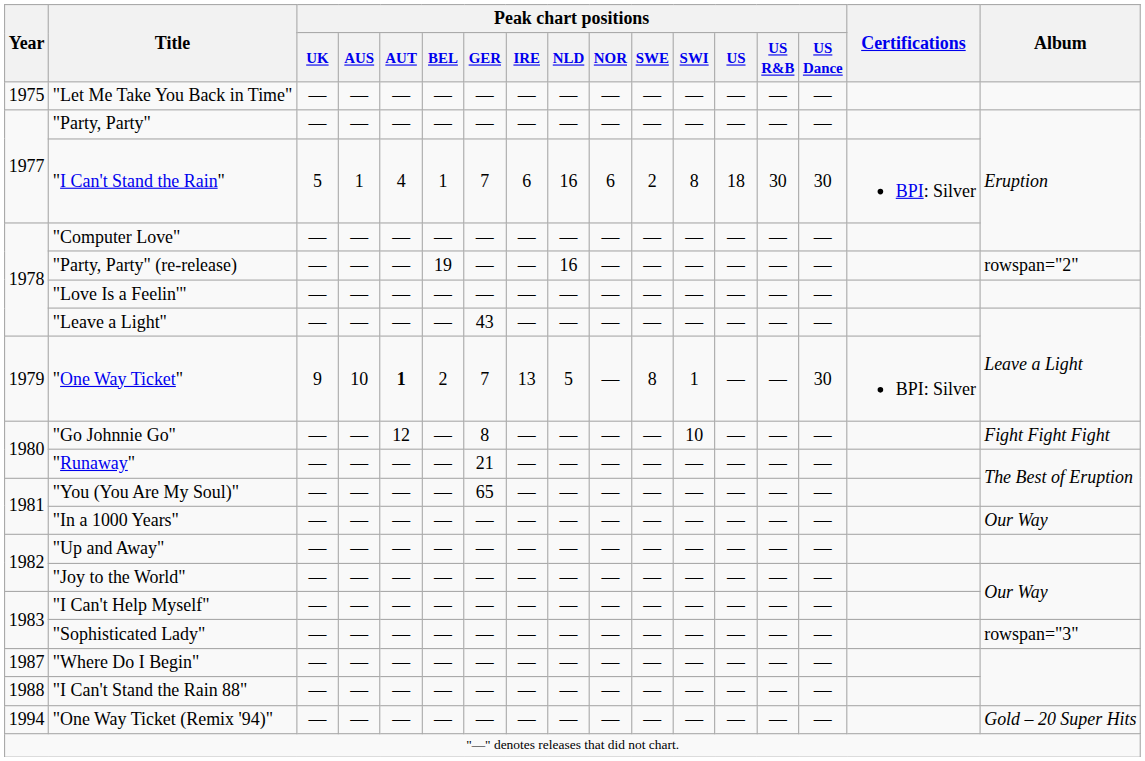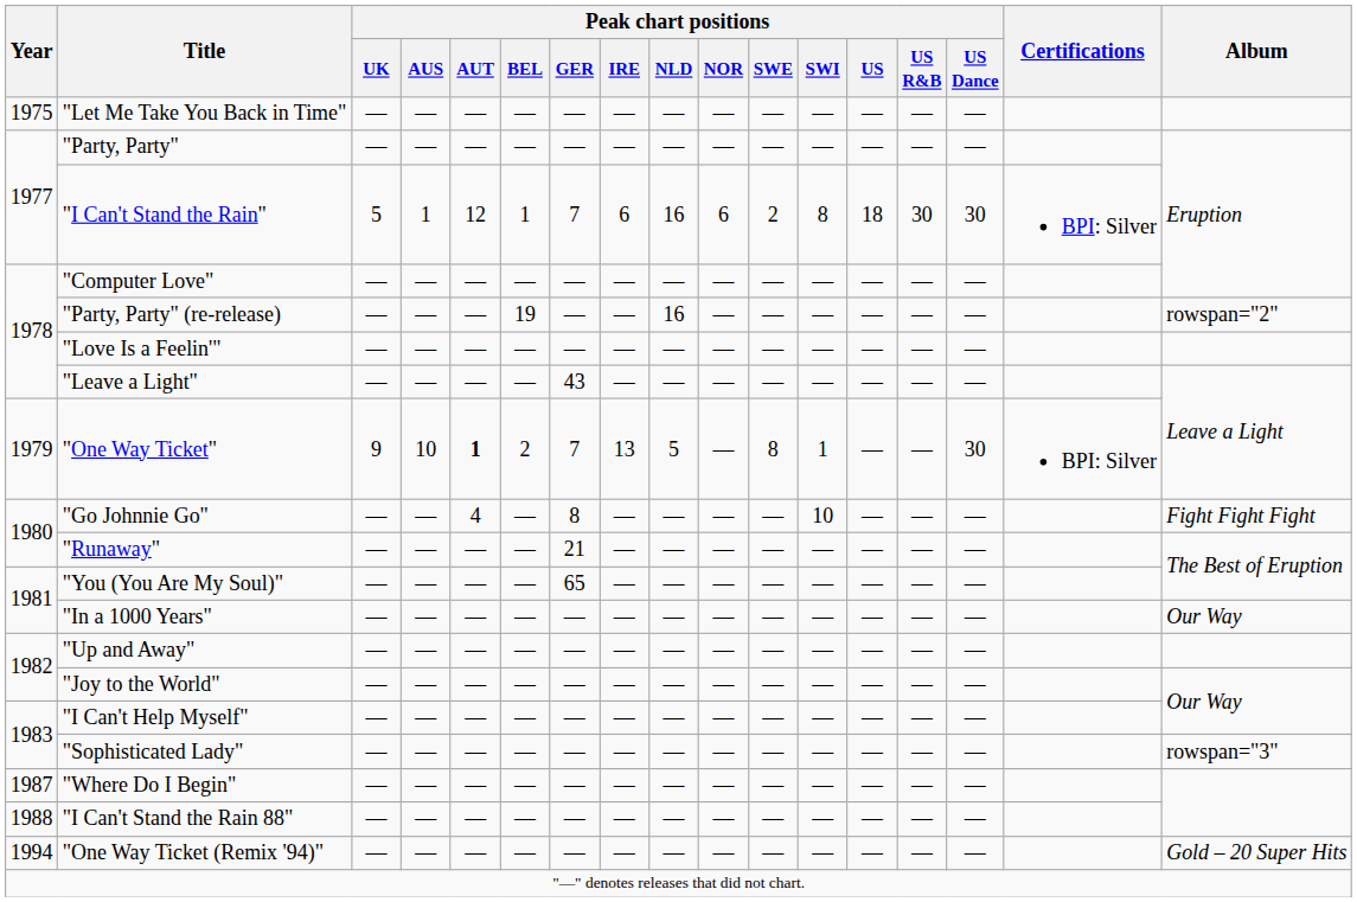 <table class="wikitable">
 <tr>
 <th rowspan="2">Year</th>
 <th rowspan="2">Title</th>
 <th colspan="13">Peak chart positions</th>
 <th rowspan="2"><a href='#'>Certifications</a></th>
 <th rowspan="2">Album</th>
 </tr>
 <tr>
 <th width="30"><small><a href='#'>UK</a></small><br></th>
 <th width="30"><small><a href='#'>AUS</a></small><br></th>
 <th width="30"><small><a href='#'>AUT</a></small><br></th>
 <th width="30"><small><a href='#'>BEL</a></small><br></th>
 <th width="30"><small><a href='#'>GER</a></small><br></th>
 <th width="30"><small><a href='#'>IRE</a></small><br></th>
 <th width="30"><small><a href='#'>NLD</a></small><br></th>
 <th width="30"><small><a href='#'>NOR</a></small><br></th>
 <th width="30"><small><a href='#'>SWE</a></small><br></th>
 <th width="30"><small><a href='#'>SWI</a></small><br></th>
 <th width="30"><small><a href='#'>US</a></small><br></th>
 <th width="30"><small><a href='#'>US R&B</a></small><br></th>
 <th width="30"><small><a href='#'>US Dance</a></small><br></th>
 </tr>
 <tr>
 <td>1975</td>
 <td>"Let Me Take You Back in Time"</td>
 <td style="text-align:center">—</td>
 <td style="text-align:center">—</td>
 <td style="text-align:center">—</td>
 <td style="text-align:center">—</td>
 <td style="text-align:center">—</td>
 <td style="text-align:center">—</td>
 <td style="text-align:center">—</td>
 <td style="text-align:center">—</td>
 <td style="text-align:center">—</td>
 <td style="text-align:center">—</td>
 <td style="text-align:center">—</td>
 <td style="text-align:center">—</td>
 <td style="text-align:center">—</td>
 <td></td>
 <td></td>
 </tr>
 <tr>
 <td rowspan="2">1977</td>
 <td>"Party, Party"</td>
 <td style="text-align:center">—</td>
 <td style="text-align:center">—</td>
 <td style="text-align:center">—</td>
 <td style="text-align:center">—</td>
 <td style="text-align:center">—</td>
 <td style="text-align:center">—</td>
 <td style="text-align:center">—</td>
 <td style="text-align:center">—</td>
 <td style="text-align:center">—</td>
 <td style="text-align:center">—</td>
 <td style="text-align:center">—</td>
 <td style="text-align:center">—</td>
 <td style="text-align:center">—</td>
 <td></td>
 <td rowspan="3"><em>Eruption</em></td>
 </tr>
 <tr>
 <td>"<a href='#'>I Can't Stand the Rain</a>"</td>
 <td style="text-align:center">5</td>
 <td style="text-align:center">1</td>
-<td style="text-align:center">4</td>
+<td style="text-align:center">12</td>
 <td style="text-align:center">1</td>
 <td style="text-align:center">7</td>
 <td style="text-align:center">6</td>
 <td style="text-align:center">16</td>
 <td style="text-align:center">6</td>
 <td style="text-align:center">2</td>
 <td style="text-align:center">8</td>
 <td style="text-align:center">18</td>
 <td style="text-align:center">30</td>
 <td style="text-align:center">30</td>
 <td><br><ul><li><a href='#'>BPI</a>: Silver</li></ul></td>
 </tr>
 <tr>
 <td rowspan="4">1978</td>
 <td>"Computer Love"</td>
 <td style="text-align:center">—</td>
 <td style="text-align:center">—</td>
 <td style="text-align:center">—</td>
 <td style="text-align:center">—</td>
 <td style="text-align:center">—</td>
 <td style="text-align:center">—</td>
 <td style="text-align:center">—</td>
 <td style="text-align:center">—</td>
 <td style="text-align:center">—</td>
 <td style="text-align:center">—</td>
 <td style="text-align:center">—</td>
 <td style="text-align:center">—</td>
 <td style="text-align:center">—</td>
 <td></td>
 </tr>
 <tr>
 <td>"Party, Party" (re-release)</td>
 <td style="text-align:center">—</td>
 <td style="text-align:center">—</td>
 <td style="text-align:center">—</td>
 <td style="text-align:center">19</td>
 <td style="text-align:center">—</td>
 <td style="text-align:center">—</td>
 <td style="text-align:center">16</td>
 <td style="text-align:center">—</td>
 <td style="text-align:center">—</td>
 <td style="text-align:center">—</td>
 <td style="text-align:center">—</td>
 <td style="text-align:center">—</td>
 <td style="text-align:center">—</td>
 <td></td>
 <td>rowspan="2" </td>
 </tr>
 <tr>
 <td>"Love Is a Feelin'"</td>
 <td style="text-align:center">—</td>
 <td style="text-align:center">—</td>
 <td style="text-align:center">—</td>
 <td style="text-align:center">—</td>
 <td style="text-align:center">—</td>
 <td style="text-align:center">—</td>
 <td style="text-align:center">—</td>
 <td style="text-align:center">—</td>
 <td style="text-align:center">—</td>
 <td style="text-align:center">—</td>
 <td style="text-align:center">—</td>
 <td style="text-align:center">—</td>
 <td style="text-align:center">—</td>
 <td></td>
 </tr>
 <tr>
 <td>"Leave a Light"</td>
 <td style="text-align:center">—</td>
 <td style="text-align:center">—</td>
 <td style="text-align:center">—</td>
 <td style="text-align:center">—</td>
 <td style="text-align:center">43</td>
 <td style="text-align:center">—</td>
 <td style="text-align:center">—</td>
 <td style="text-align:center">—</td>
 <td style="text-align:center">—</td>
 <td style="text-align:center">—</td>
 <td style="text-align:center">—</td>
 <td style="text-align:center">—</td>
 <td style="text-align:center">—</td>
 <td></td>
 <td rowspan="2"><em>Leave a Light</em></td>
 </tr>
 <tr>
 <td>1979</td>
 <td>"<a href='#'>One Way Ticket</a>"</td>
 <td style="text-align:center">9</td>
 <td style="text-align:center">10</td>
 <td style="text-align:center"><strong>1</strong></td>
 <td style="text-align:center">2</td>
 <td style="text-align:center">7</td>
 <td style="text-align:center">13</td>
 <td style="text-align:center">5</td>
 <td style="text-align:center">—</td>
 <td style="text-align:center">8</td>
 <td style="text-align:center">1</td>
 <td style="text-align:center">—</td>
 <td style="text-align:center">—</td>
 <td style="text-align:center">30</td>
 <td><br><ul><li>BPI: Silver</li></ul></td>
 </tr>
 <tr>
 <td rowspan="2">1980</td>
 <td>"Go Johnnie Go"</td>
 <td style="text-align:center">—</td>
 <td style="text-align:center">—</td>
-<td style="text-align:center">12</td>
+<td style="text-align:center">4</td>
 <td style="text-align:center">—</td>
 <td style="text-align:center">8</td>
 <td style="text-align:center">—</td>
 <td style="text-align:center">—</td>
 <td style="text-align:center">—</td>
 <td style="text-align:center">—</td>
 <td style="text-align:center">10</td>
 <td style="text-align:center">—</td>
 <td style="text-align:center">—</td>
 <td style="text-align:center">—</td>
 <td></td>
 <td><em>Fight Fight Fight</em></td>
 </tr>
 <tr>
 <td>"<a href='#'>Runaway</a>"</td>
 <td style="text-align:center">—</td>
 <td style="text-align:center">—</td>
 <td style="text-align:center">—</td>
 <td style="text-align:center">—</td>
 <td style="text-align:center">21</td>
 <td style="text-align:center">—</td>
 <td style="text-align:center">—</td>
 <td style="text-align:center">—</td>
 <td style="text-align:center">—</td>
 <td style="text-align:center">—</td>
 <td style="text-align:center">—</td>
 <td style="text-align:center">—</td>
 <td style="text-align:center">—</td>
 <td></td>
 <td rowspan="2"><em>The Best of Eruption</em></td>
 </tr>
 <tr>
 <td rowspan="2">1981</td>
 <td>"You (You Are My Soul)"</td>
 <td style="text-align:center">—</td>
 <td style="text-align:center">—</td>
 <td style="text-align:center">—</td>
 <td style="text-align:center">—</td>
 <td style="text-align:center">65</td>
 <td style="text-align:center">—</td>
 <td style="text-align:center">—</td>
 <td style="text-align:center">—</td>
 <td style="text-align:center">—</td>
 <td style="text-align:center">—</td>
 <td style="text-align:center">—</td>
 <td style="text-align:center">—</td>
 <td style="text-align:center">—</td>
 <td></td>
 </tr>
 <tr>
 <td>"In a 1000 Years"</td>
 <td style="text-align:center">—</td>
 <td style="text-align:center">—</td>
 <td style="text-align:center">—</td>
 <td style="text-align:center">—</td>
 <td style="text-align:center">—</td>
 <td style="text-align:center">—</td>
 <td style="text-align:center">—</td>
 <td style="text-align:center">—</td>
 <td style="text-align:center">—</td>
 <td style="text-align:center">—</td>
 <td style="text-align:center">—</td>
 <td style="text-align:center">—</td>
 <td style="text-align:center">—</td>
 <td></td>
 <td><em>Our Way</em></td>
 </tr>
 <tr>
 <td rowspan="2">1982</td>
 <td>"Up and Away"</td>
 <td style="text-align:center">—</td>
 <td style="text-align:center">—</td>
 <td style="text-align:center">—</td>
 <td style="text-align:center">—</td>
 <td style="text-align:center">—</td>
 <td style="text-align:center">—</td>
 <td style="text-align:center">—</td>
 <td style="text-align:center">—</td>
 <td style="text-align:center">—</td>
 <td style="text-align:center">—</td>
 <td style="text-align:center">—</td>
 <td style="text-align:center">—</td>
 <td style="text-align:center">—</td>
 <td></td>
 <td></td>
 </tr>
 <tr>
 <td>"Joy to the World"</td>
 <td style="text-align:center">—</td>
 <td style="text-align:center">—</td>
 <td style="text-align:center">—</td>
 <td style="text-align:center">—</td>
 <td style="text-align:center">—</td>
 <td style="text-align:center">—</td>
 <td style="text-align:center">—</td>
 <td style="text-align:center">—</td>
 <td style="text-align:center">—</td>
 <td style="text-align:center">—</td>
 <td style="text-align:center">—</td>
 <td style="text-align:center">—</td>
 <td style="text-align:center">—</td>
 <td></td>
 <td rowspan="2"><em>Our Way</em></td>
 </tr>
 <tr>
 <td rowspan="2">1983</td>
 <td>"I Can't Help Myself"</td>
 <td style="text-align:center">—</td>
 <td style="text-align:center">—</td>
 <td style="text-align:center">—</td>
 <td style="text-align:center">—</td>
 <td style="text-align:center">—</td>
 <td style="text-align:center">—</td>
 <td style="text-align:center">—</td>
 <td style="text-align:center">—</td>
 <td style="text-align:center">—</td>
 <td style="text-align:center">—</td>
 <td style="text-align:center">—</td>
 <td style="text-align:center">—</td>
 <td style="text-align:center">—</td>
 <td></td>
 </tr>
 <tr>
 <td>"Sophisticated Lady"</td>
 <td style="text-align:center">—</td>
 <td style="text-align:center">—</td>
 <td style="text-align:center">—</td>
 <td style="text-align:center">—</td>
 <td style="text-align:center">—</td>
 <td style="text-align:center">—</td>
 <td style="text-align:center">—</td>
 <td style="text-align:center">—</td>
 <td style="text-align:center">—</td>
 <td style="text-align:center">—</td>
 <td style="text-align:center">—</td>
 <td style="text-align:center">—</td>
 <td style="text-align:center">—</td>
 <td></td>
 <td>rowspan="3" </td>
 </tr>
 <tr>
 <td>1987</td>
 <td>"Where Do I Begin"</td>
 <td style="text-align:center">—</td>
 <td style="text-align:center">—</td>
 <td style="text-align:center">—</td>
 <td style="text-align:center">—</td>
 <td style="text-align:center">—</td>
 <td style="text-align:center">—</td>
 <td style="text-align:center">—</td>
 <td style="text-align:center">—</td>
 <td style="text-align:center">—</td>
 <td style="text-align:center">—</td>
 <td style="text-align:center">—</td>
 <td style="text-align:center">—</td>
 <td style="text-align:center">—</td>
 <td></td>
 </tr>
 <tr>
 <td>1988</td>
 <td>"I Can't Stand the Rain 88"</td>
 <td style="text-align:center">—</td>
 <td style="text-align:center">—</td>
 <td style="text-align:center">—</td>
 <td style="text-align:center">—</td>
 <td style="text-align:center">—</td>
 <td style="text-align:center">—</td>
 <td style="text-align:center">—</td>
 <td style="text-align:center">—</td>
 <td style="text-align:center">—</td>
 <td style="text-align:center">—</td>
 <td style="text-align:center">—</td>
 <td style="text-align:center">—</td>
 <td style="text-align:center">—</td>
 <td></td>
 </tr>
 <tr>
 <td>1994</td>
 <td>"One Way Ticket (Remix '94)"</td>
 <td style="text-align:center">—</td>
 <td style="text-align:center">—</td>
 <td style="text-align:center">—</td>
 <td style="text-align:center">—</td>
 <td style="text-align:center">—</td>
 <td style="text-align:center">—</td>
 <td style="text-align:center">—</td>
 <td style="text-align:center">—</td>
 <td style="text-align:center">—</td>
 <td style="text-align:center">—</td>
 <td style="text-align:center">—</td>
 <td style="text-align:center">—</td>
 <td style="text-align:center">—</td>
 <td></td>
 <td><em>Gold – 20 Super Hits</em></td>
 </tr>
 <tr>
 <td colspan="17" style="text-align:center; font-size:9pt;">"—" denotes releases that did not chart.</td>
 </tr>
 </table>
